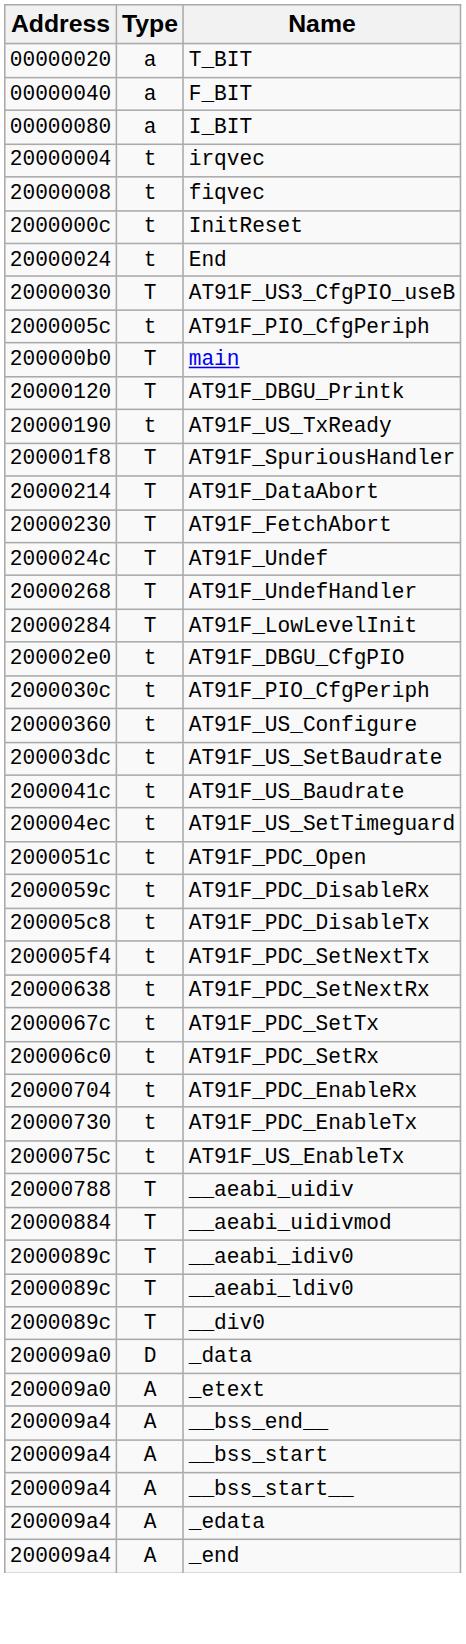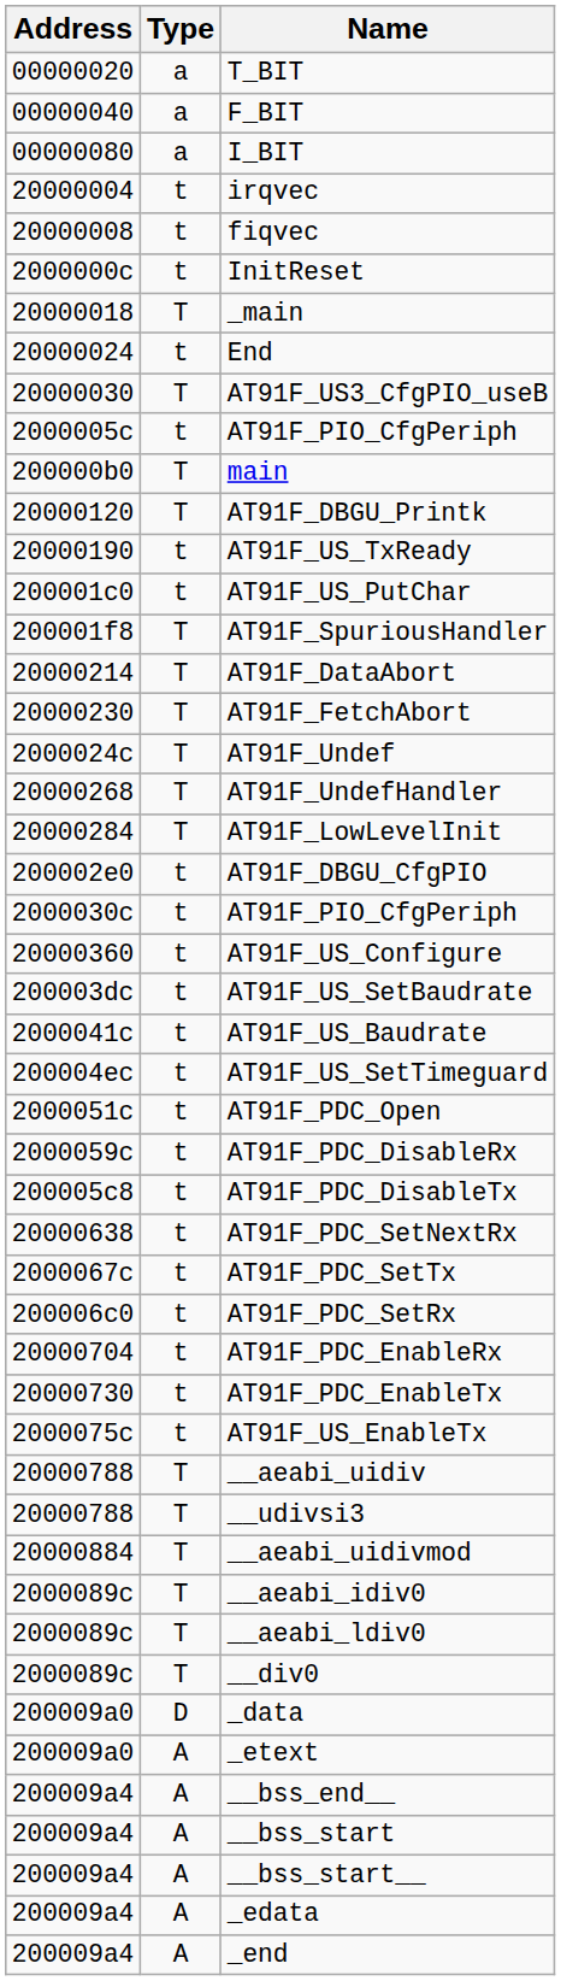 <table class="wikitable floatright">
 <tr>
 <th>Address</th>
 <th>Type</th>
 <th>Name</th>
 </tr>
 <tr style="font-size:105%;font-family:monospace;;">
 <td>00000020</td>
 <td style="text-align:center;">a</td>
 <td>T_BIT</td>
 </tr>
 <tr style="font-size:105%;font-family:monospace;;">
 <td>00000040</td>
 <td style="text-align:center;">a</td>
 <td>F_BIT</td>
 </tr>
 <tr style="font-size:105%;font-family:monospace;;">
 <td>00000080</td>
 <td style="text-align:center;">a</td>
 <td>I_BIT</td>
 </tr>
 <tr style="font-size:105%;font-family:monospace;;">
 <td>20000004</td>
 <td style="text-align:center;">t</td>
 <td>irqvec</td>
 </tr>
 <tr style="font-size:105%;font-family:monospace;;">
 <td>20000008</td>
 <td style="text-align:center;">t</td>
 <td>fiqvec</td>
 </tr>
 <tr style="font-size:105%;font-family:monospace;;">
 <td>2000000c</td>
 <td style="text-align:center;">t</td>
 <td>InitReset</td>
 </tr>
 <tr style="font-size:105%;font-family:monospace;;">
+<td>20000018</td>
+<td style="text-align:center;">T</td>
+<td>_main</td>
+</tr>
+<tr style="font-size:105%;font-family:monospace;;">
 <td>20000024</td>
 <td style="text-align:center;">t</td>
 <td>End</td>
 </tr>
 <tr style="font-size:105%;font-family:monospace;;">
 <td>20000030</td>
 <td style="text-align:center;">T</td>
 <td>AT91F_US3_CfgPIO_useB</td>
 </tr>
 <tr style="font-size:105%;font-family:monospace;;">
 <td>2000005c</td>
 <td style="text-align:center;">t</td>
 <td>AT91F_PIO_CfgPeriph</td>
 </tr>
 <tr style="font-size:105%;font-family:monospace;;">
 <td>200000b0</td>
 <td style="text-align:center;">T</td>
 <td><a href='#'>main</a></td>
 </tr>
 <tr style="font-size:105%;font-family:monospace;;">
 <td>20000120</td>
 <td style="text-align:center;">T</td>
 <td>AT91F_DBGU_Printk</td>
 </tr>
 <tr style="font-size:105%;font-family:monospace;;">
 <td>20000190</td>
 <td style="text-align:center;">t</td>
 <td>AT91F_US_TxReady</td>
+</tr>
+<tr style="font-size:105%;font-family:monospace;;">
+<td>200001c0</td>
+<td style="text-align:center;">t</td>
+<td>AT91F_US_PutChar</td>
 </tr>
 <tr style="font-size:105%;font-family:monospace;;">
 <td>200001f8</td>
 <td style="text-align:center;">T</td>
 <td>AT91F_SpuriousHandler</td>
 </tr>
 <tr style="font-size:105%;font-family:monospace;;">
 <td>20000214</td>
 <td style="text-align:center;">T</td>
 <td>AT91F_DataAbort</td>
 </tr>
 <tr style="font-size:105%;font-family:monospace;;">
 <td>20000230</td>
 <td style="text-align:center;">T</td>
 <td>AT91F_FetchAbort</td>
 </tr>
 <tr style="font-size:105%;font-family:monospace;;">
 <td>2000024c</td>
 <td style="text-align:center;">T</td>
 <td>AT91F_Undef</td>
 </tr>
 <tr style="font-size:105%;font-family:monospace;;">
 <td>20000268</td>
 <td style="text-align:center;">T</td>
 <td>AT91F_UndefHandler</td>
 </tr>
 <tr style="font-size:105%;font-family:monospace;;">
 <td>20000284</td>
 <td style="text-align:center;">T</td>
 <td>AT91F_LowLevelInit</td>
 </tr>
 <tr style="font-size:105%;font-family:monospace;;">
 <td>200002e0</td>
 <td style="text-align:center;">t</td>
 <td>AT91F_DBGU_CfgPIO</td>
 </tr>
 <tr style="font-size:105%;font-family:monospace;;">
 <td>2000030c</td>
 <td style="text-align:center;">t</td>
 <td>AT91F_PIO_CfgPeriph</td>
 </tr>
 <tr style="font-size:105%;font-family:monospace;;">
 <td>20000360</td>
 <td style="text-align:center;">t</td>
 <td>AT91F_US_Configure</td>
 </tr>
 <tr style="font-size:105%;font-family:monospace;;">
 <td>200003dc</td>
 <td style="text-align:center;">t</td>
 <td>AT91F_US_SetBaudrate</td>
 </tr>
 <tr style="font-size:105%;font-family:monospace;;">
 <td>2000041c</td>
 <td style="text-align:center;">t</td>
 <td>AT91F_US_Baudrate</td>
 </tr>
 <tr style="font-size:105%;font-family:monospace;;">
 <td>200004ec</td>
 <td style="text-align:center;">t</td>
 <td>AT91F_US_SetTimeguard</td>
 </tr>
 <tr style="font-size:105%;font-family:monospace;;">
 <td>2000051c</td>
 <td style="text-align:center;">t</td>
 <td>AT91F_PDC_Open</td>
 </tr>
 <tr style="font-size:105%;font-family:monospace;;">
 <td>2000059c</td>
 <td style="text-align:center;">t</td>
 <td>AT91F_PDC_DisableRx</td>
 </tr>
 <tr style="font-size:105%;font-family:monospace;;">
 <td>200005c8</td>
 <td style="text-align:center;">t</td>
 <td>AT91F_PDC_DisableTx</td>
 </tr>
 <tr style="font-size:105%;font-family:monospace;;">
-<td>200005f4</td>
-<td style="text-align:center;">t</td>
-<td>AT91F_PDC_SetNextTx</td>
-</tr>
-<tr style="font-size:105%;font-family:monospace;;">
 <td>20000638</td>
 <td style="text-align:center;">t</td>
 <td>AT91F_PDC_SetNextRx</td>
 </tr>
 <tr style="font-size:105%;font-family:monospace;;">
 <td>2000067c</td>
 <td style="text-align:center;">t</td>
 <td>AT91F_PDC_SetTx</td>
 </tr>
 <tr style="font-size:105%;font-family:monospace;;">
 <td>200006c0</td>
 <td style="text-align:center;">t</td>
 <td>AT91F_PDC_SetRx</td>
 </tr>
 <tr style="font-size:105%;font-family:monospace;;">
 <td>20000704</td>
 <td style="text-align:center;">t</td>
 <td>AT91F_PDC_EnableRx</td>
 </tr>
 <tr style="font-size:105%;font-family:monospace;;">
 <td>20000730</td>
 <td style="text-align:center;">t</td>
 <td>AT91F_PDC_EnableTx</td>
 </tr>
 <tr style="font-size:105%;font-family:monospace;;">
 <td>2000075c</td>
 <td style="text-align:center;">t</td>
 <td>AT91F_US_EnableTx</td>
 </tr>
 <tr style="font-size:105%;font-family:monospace;;">
 <td>20000788</td>
 <td style="text-align:center;">T</td>
 <td>__aeabi_uidiv</td>
+</tr>
+<tr style="font-size:105%;font-family:monospace;;">
+<td>20000788</td>
+<td style="text-align:center;">T</td>
+<td>__udivsi3</td>
 </tr>
 <tr style="font-size:105%;font-family:monospace;;">
 <td>20000884</td>
 <td style="text-align:center;">T</td>
 <td>__aeabi_uidivmod</td>
 </tr>
 <tr style="font-size:105%;font-family:monospace;;">
 <td>2000089c</td>
 <td style="text-align:center;">T</td>
 <td>__aeabi_idiv0</td>
 </tr>
 <tr style="font-size:105%;font-family:monospace;;">
 <td>2000089c</td>
 <td style="text-align:center;">T</td>
 <td>__aeabi_ldiv0</td>
 </tr>
 <tr style="font-size:105%;font-family:monospace;;">
 <td>2000089c</td>
 <td style="text-align:center;">T</td>
 <td>__div0</td>
 </tr>
 <tr style="font-size:105%;font-family:monospace;;">
 <td>200009a0</td>
 <td style="text-align:center;">D</td>
 <td>_data</td>
 </tr>
 <tr style="font-size:105%;font-family:monospace;;">
 <td>200009a0</td>
 <td style="text-align:center;">A</td>
 <td>_etext</td>
 </tr>
 <tr style="font-size:105%;font-family:monospace;;">
 <td>200009a4</td>
 <td style="text-align:center;">A</td>
 <td>__bss_end__</td>
 </tr>
 <tr style="font-size:105%;font-family:monospace;;">
 <td>200009a4</td>
 <td style="text-align:center;">A</td>
 <td>__bss_start</td>
 </tr>
 <tr style="font-size:105%;font-family:monospace;;">
 <td>200009a4</td>
 <td style="text-align:center;">A</td>
 <td>__bss_start__</td>
 </tr>
 <tr style="font-size:105%;font-family:monospace;;">
 <td>200009a4</td>
 <td style="text-align:center;">A</td>
 <td>_edata</td>
 </tr>
 <tr style="font-size:105%;font-family:monospace;;">
 <td>200009a4</td>
 <td style="text-align:center;">A</td>
 <td>_end</td>
 </tr>
 </table>
